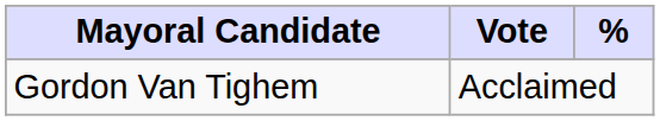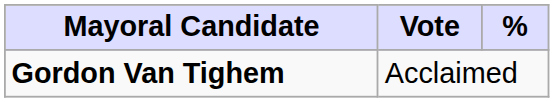 <table class="wikitable">
 <tr>
 <th style="background:#ddf; width:200px;">Mayoral Candidate</th>
 <th style="background:#ddf; width:50px;">Vote</th>
 <th style="background:#ddf; width:30px;">%</th>
 </tr>
 <tr>
-<td>Gordon Van Tighem</td>
+<td><strong>Gordon Van Tighem</strong></td>
 <td colspan="2">Acclaimed</td>
 </tr>
 </table>
